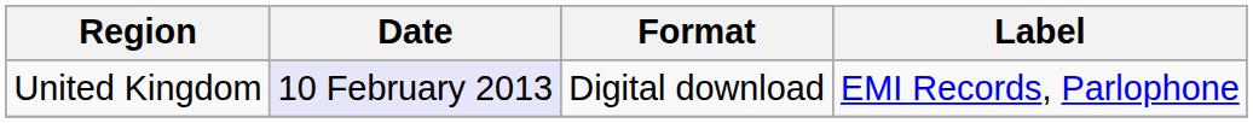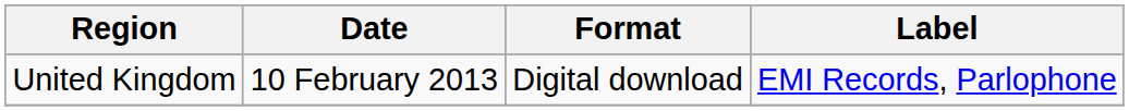 <table class=wikitable>
 <tr>
 <th>Region</th>
 <th>Date</th>
 <th>Format</th>
 <th>Label</th>
 </tr>
 <tr>
 <td>United Kingdom</td>
-<td style="background: lavender;">10 February 2013</td>
+<td>10 February 2013</td>
 <td>Digital download</td>
 <td><a href='#'>EMI Records</a>, <a href='#'>Parlophone</a></td>
 </tr>
 <tr>
 </tr>
 </table>
